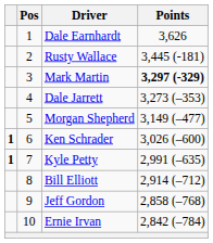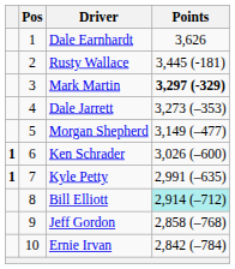 <table class="wikitable" style="font-size: 95%;">
 <tr>
 <th></th>
 <th>Pos</th>
 <th>Driver</th>
 <th>Points</th>
 </tr>
 <tr>
 <td align="left"></td>
 <td style="text-align:center;">1</td>
 <td><a href='#'>Dale Earnhardt</a></td>
 <td style="text-align:center;">3,626</td>
 </tr>
 <tr>
 <td align="left"></td>
 <td style="text-align:center;">2</td>
 <td><a href='#'>Rusty Wallace</a></td>
 <td style="text-align:center;">3,445 (-181)</td>
 </tr>
 <tr>
 <td align="left"></td>
 <td style="text-align:center;">3</td>
 <td><a href='#'>Mark Martin</a></td>
 <td style="text-align:center;"><strong>3,297 (-329)</strong></td>
 </tr>
 <tr>
 <td align="left"></td>
 <td style="text-align:center;">4</td>
 <td><a href='#'>Dale Jarrett</a></td>
 <td style="text-align:center;">3,273 (–353)</td>
 </tr>
 <tr>
 <td align="left"></td>
 <td style="text-align:center;">5</td>
 <td><a href='#'>Morgan Shepherd</a></td>
 <td style="text-align:center;">3,149 (–477)</td>
 </tr>
 <tr>
 <td align="left"> <strong>1</strong></td>
 <td style="text-align:center;">6</td>
 <td><a href='#'>Ken Schrader</a></td>
 <td style="text-align:center;">3,026 (–600)</td>
 </tr>
 <tr>
 <td align="left"> <strong>1</strong></td>
 <td style="text-align:center;">7</td>
 <td><a href='#'>Kyle Petty</a></td>
 <td style="text-align:center;">2,991 (–635)</td>
 </tr>
 <tr>
 <td align="left"></td>
 <td style="text-align:center;">8</td>
 <td><a href='#'>Bill Elliott</a></td>
-<td style="text-align:center;">2,914 (–712)</td>
+<td style="background: paleturquoise; text-align:center;">2,914 (–712)</td>
 </tr>
 <tr>
 <td align="left"></td>
 <td style="text-align:center;">9</td>
 <td><a href='#'>Jeff Gordon</a></td>
 <td style="text-align:center;">2,858 (–768)</td>
 </tr>
 <tr>
 <td align="left"></td>
 <td style="text-align:center;">10</td>
 <td><a href='#'>Ernie Irvan</a></td>
 <td style="text-align:center;">2,842 (–784)</td>
 </tr>
 <tr class="sortbottom">
 <th colspan="9"></th>
 </tr>
 </table>
